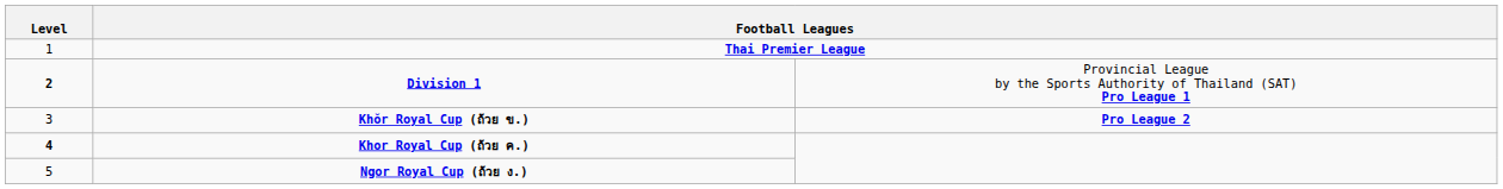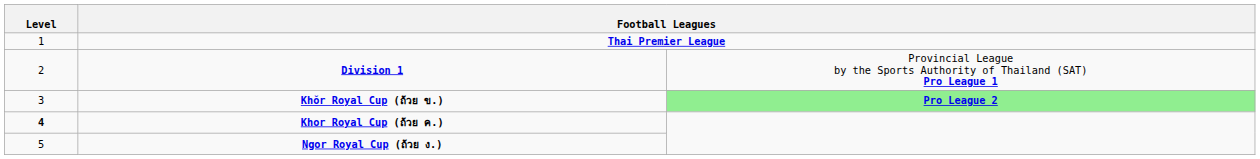 <table class="wikitable" style="text-align: center;" width="100%">
 <tr>
 <th colspan="1" width="4%"><br>Level</th>
 <th colspan="2" width="96%"><br>Football Leagues</th>
 </tr>
 <tr>
 <td>1</td>
 <td colspan="2"><strong><a href='#'>Thai Premier League</a> </strong></td>
 </tr>
 <tr>
-<td><strong>2</strong></td>
+<td>2</td>
 <td colspan="1" width="32%"><strong><a href='#'>Division 1</a> </strong></td>
 <td colspan="1" width="32%">Provincial League <br>by the Sports Authority of Thailand (SAT)<br><strong><a href='#'>Pro League 1</a> </strong></td>
 </tr>
 <tr>
 <td>3</td>
 <td colspan="1" width="32%"><strong><a href='#'>Khǒr Royal Cup</a> (ถ้วย ข.) </strong></td>
-<td colspan="1" width="32%"><strong><a href='#'>Pro League 2</a> </strong></td>
+<td colspan="1" width="32%" style="background: lightgreen;"><strong><a href='#'>Pro League 2</a> </strong></td>
 </tr>
 <tr>
 <td><strong>4</strong></td>
 <td colspan="1" width="32%"><strong><a href='#'>Khor Royal Cup</a> (ถ้วย ค.) </strong></td>
 </tr>
 <tr>
 <td>5</td>
 <td colspan="1" width="32%"><strong><a href='#'>Ngor Royal Cup</a> (ถ้วย ง.)</strong></td>
 </tr>
 </table>
